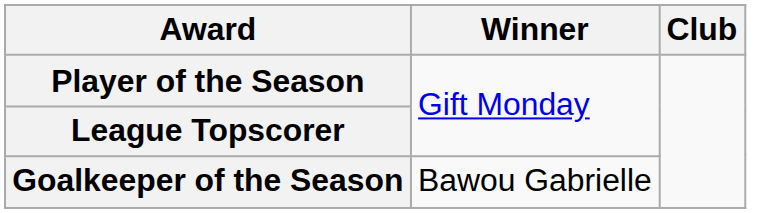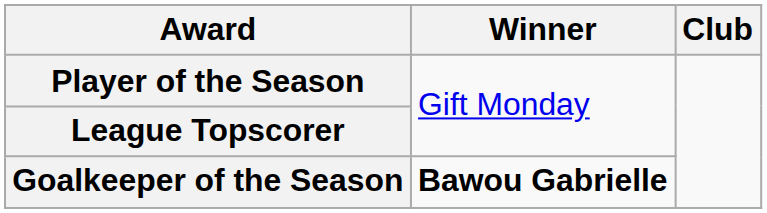 <table class="wikitable">
 <tr>
 <th>Award</th>
 <th>Winner</th>
 <th>Club</th>
 </tr>
 <tr>
 <th>Player of the Season</th>
 <td rowspan=2> <a href='#'>Gift Monday</a></td>
 <td rowspan=3></td>
 </tr>
 <tr>
 <th>League Topscorer</th>
 </tr>
 <tr>
 <th>Goalkeeper of the Season</th>
-<td> Bawou Gabrielle</td>
+<td><strong> Bawou Gabrielle</strong></td>
 </tr>
 </table>
